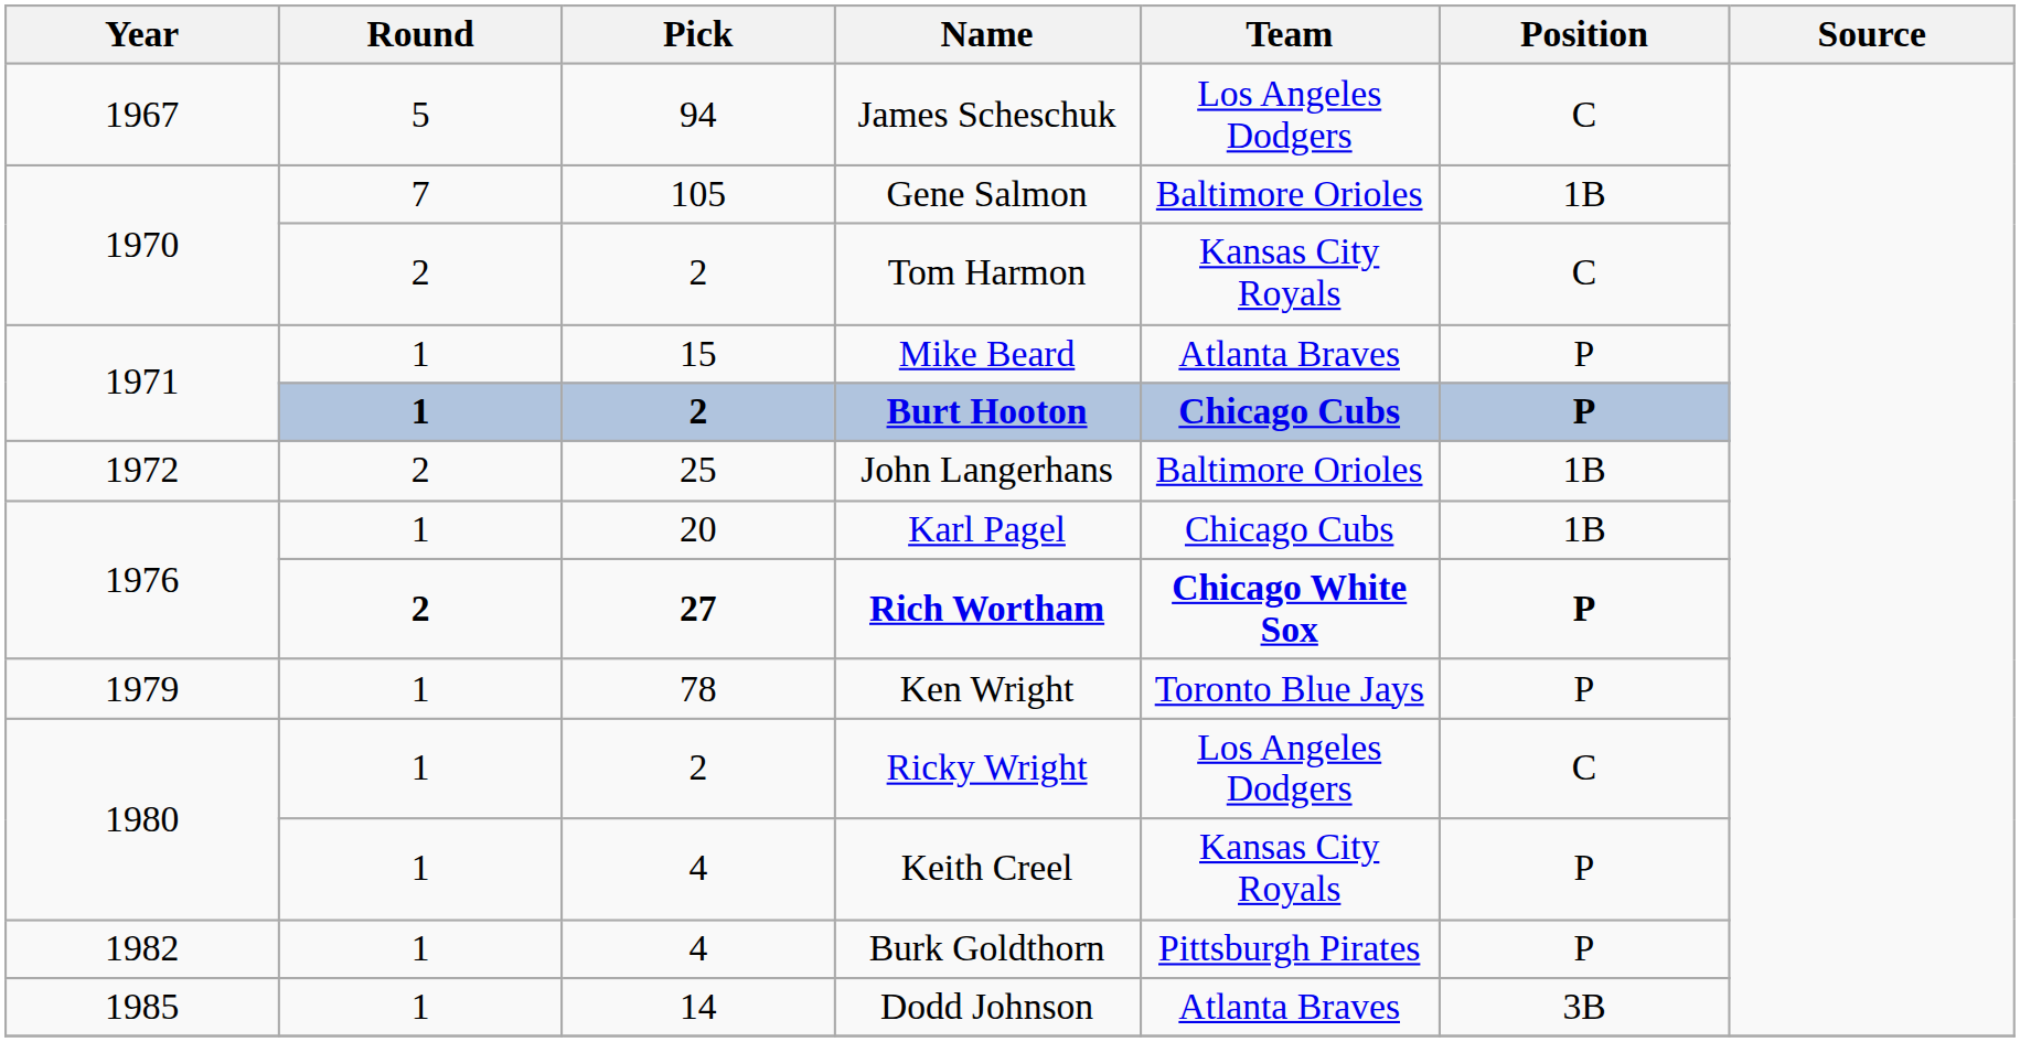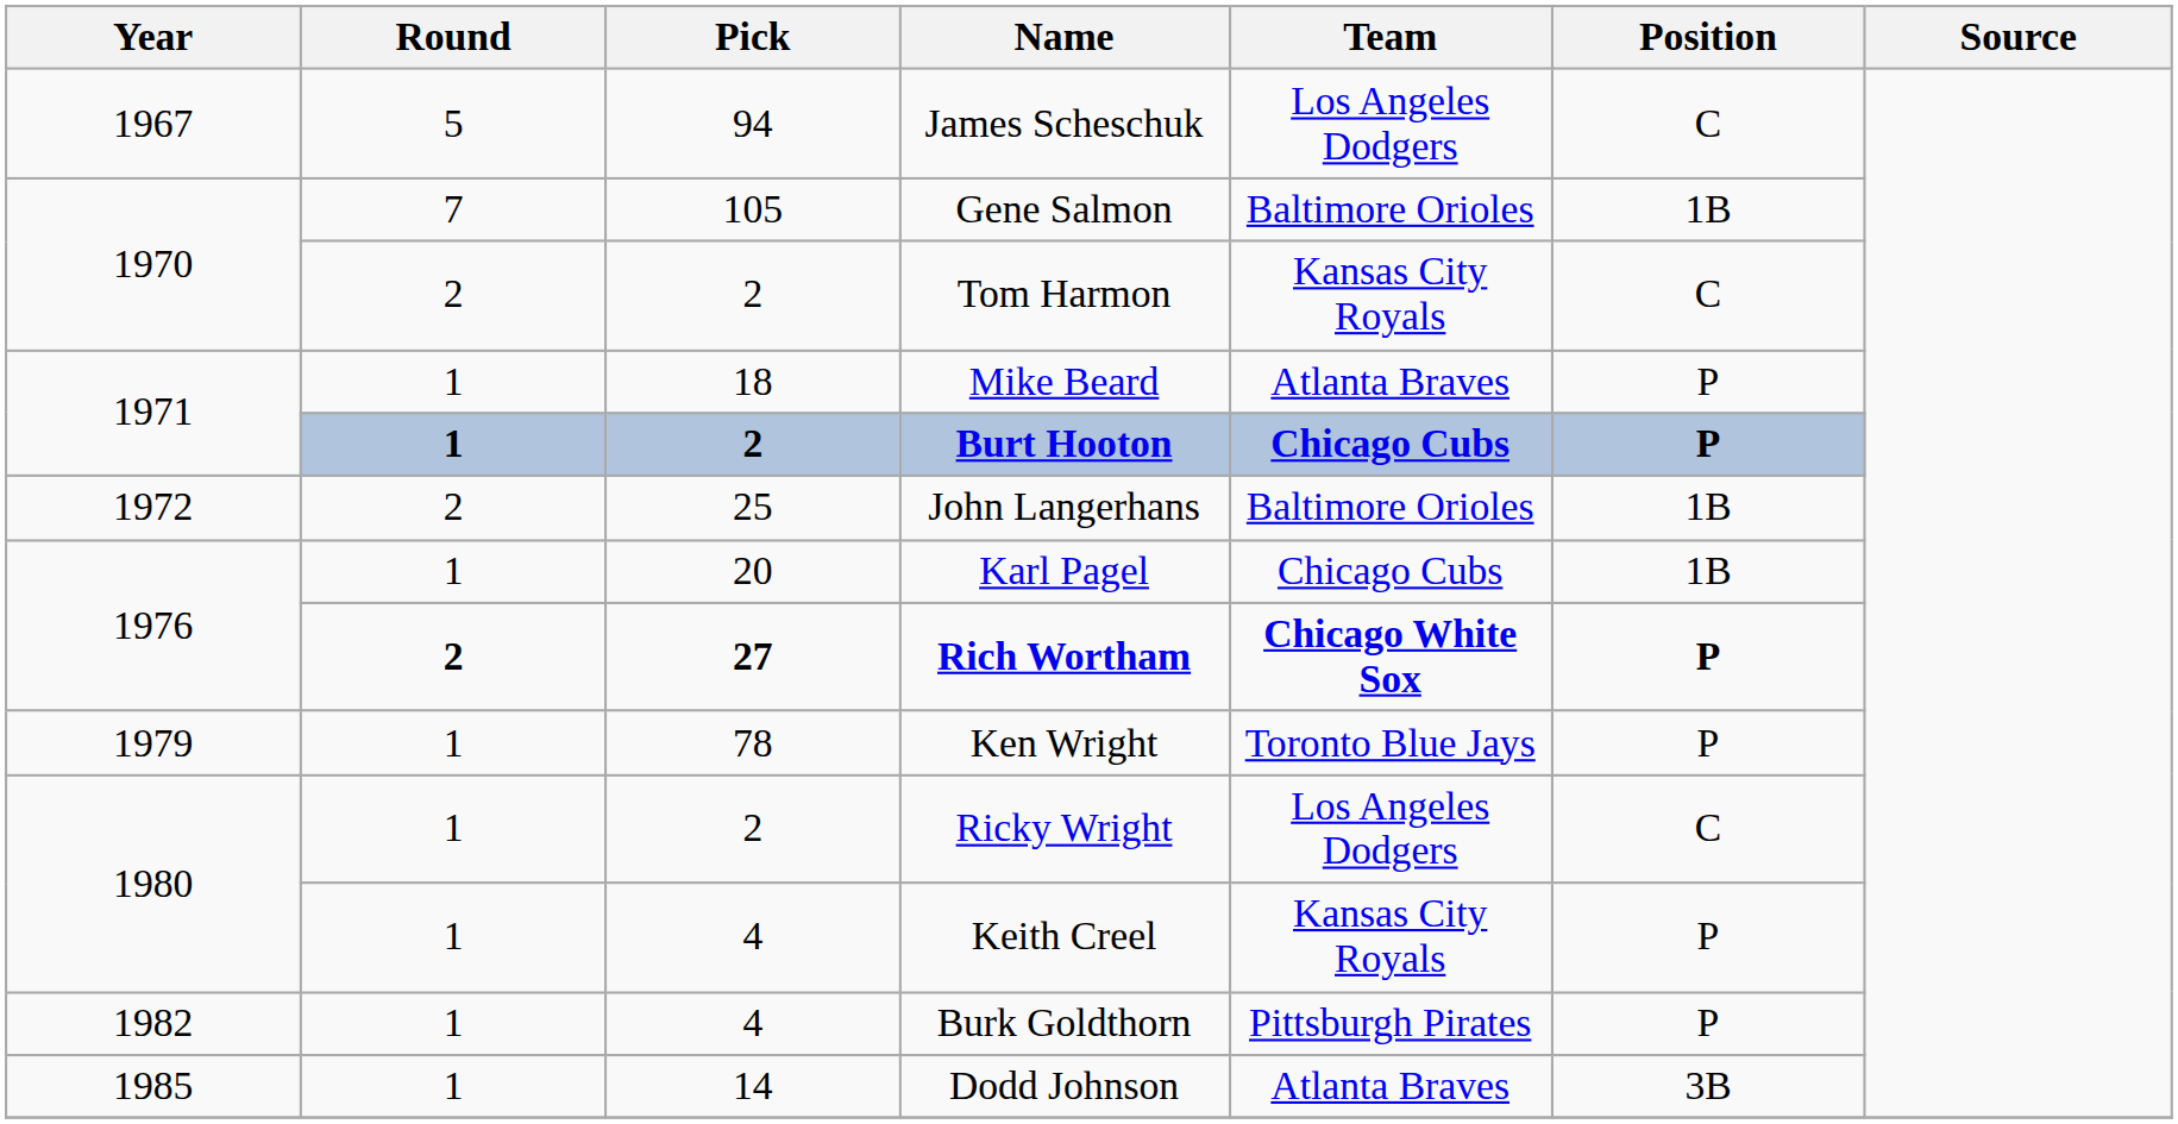 <table class="wikitable" style="text-align:center">
 <tr>
 <th style="width:150px; ">Year</th>
 <th style="width:150px; ">Round</th>
 <th style="width:150px; ">Pick</th>
 <th style="width:150px; ">Name</th>
 <th style="width:150px; ">Team</th>
 <th style="width:150px; ">Position</th>
 <th style="width:150px; ">Source</th>
 </tr>
 <tr>
 <td rowspan="1">1967</td>
 <td>5</td>
 <td>94</td>
 <td>James Scheschuk</td>
 <td><a href='#'>Los Angeles Dodgers</a></td>
 <td>C</td>
 <td rowspan="13"></td>
 </tr>
 <tr>
 <td rowspan="2">1970</td>
 <td>7</td>
 <td>105</td>
 <td>Gene Salmon</td>
 <td><a href='#'>Baltimore Orioles</a></td>
 <td>1B</td>
 </tr>
 <tr>
 <td>2</td>
 <td>2</td>
 <td>Tom Harmon</td>
 <td><a href='#'>Kansas City Royals</a></td>
 <td>C</td>
 </tr>
 <tr>
 <td rowspan="2">1971</td>
 <td>1</td>
-<td>15</td>
+<td>18</td>
 <td><a href='#'>Mike Beard</a></td>
 <td><a href='#'>Atlanta Braves</a></td>
 <td>P</td>
 </tr>
 <tr>
 <td style="background-color:lightsteelblue;"><strong>1</strong></td>
 <td style="background-color:lightsteelblue;"><strong>2</strong></td>
 <td style="background-color:lightsteelblue;"><strong><a href='#'>Burt Hooton</a></strong></td>
 <td style="background-color:lightsteelblue;"><strong><a href='#'>Chicago Cubs</a></strong></td>
 <td style="background-color:lightsteelblue;"><strong>P</strong></td>
 </tr>
 <tr>
 <td rowspan="1">1972</td>
 <td>2</td>
 <td>25</td>
 <td>John Langerhans</td>
 <td><a href='#'>Baltimore Orioles</a></td>
 <td>1B</td>
 </tr>
 <tr>
 <td rowspan="2">1976</td>
 <td>1</td>
 <td>20</td>
 <td><a href='#'>Karl Pagel</a></td>
 <td><a href='#'>Chicago Cubs</a></td>
 <td>1B</td>
 </tr>
 <tr>
 <td><strong>2</strong></td>
 <td><strong>27</strong></td>
 <td><strong><a href='#'>Rich Wortham</a></strong></td>
 <td><strong><a href='#'>Chicago White Sox</a></strong></td>
 <td><strong>P</strong></td>
 </tr>
 <tr>
 <td rowspan="1">1979</td>
 <td>1</td>
 <td>78</td>
 <td>Ken Wright</td>
 <td><a href='#'>Toronto Blue Jays</a></td>
 <td>P</td>
 </tr>
 <tr>
 <td rowspan="2">1980</td>
 <td>1</td>
 <td>2</td>
 <td><a href='#'>Ricky Wright</a></td>
 <td><a href='#'>Los Angeles Dodgers</a></td>
 <td>C</td>
 </tr>
 <tr>
 <td>1</td>
 <td>4</td>
 <td>Keith Creel</td>
 <td><a href='#'>Kansas City Royals</a></td>
 <td>P</td>
 </tr>
 <tr>
 <td rowspan="1">1982</td>
 <td>1</td>
 <td>4</td>
 <td>Burk Goldthorn</td>
 <td><a href='#'>Pittsburgh Pirates</a></td>
 <td>P</td>
 </tr>
 <tr>
 <td rowspan="1">1985</td>
 <td>1</td>
 <td>14</td>
 <td>Dodd Johnson</td>
 <td><a href='#'>Atlanta Braves</a></td>
 <td>3B</td>
 </tr>
 <tr>
 </tr>
 </table>
